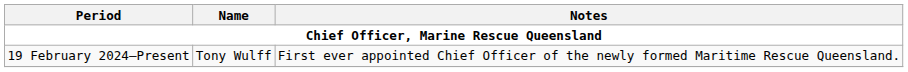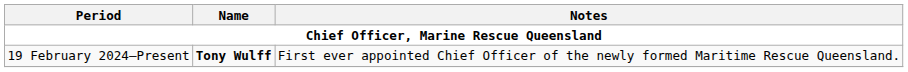 <table class="wikitable">
 <tr>
 <th>Period</th>
 <th>Name</th>
 <th>Notes</th>
 </tr>
 <tr>
 <td colspan="7" align="center" style="background:white;"><strong>Chief Officer, Marine Rescue Queensland</strong></td>
 </tr>
 <tr>
 <td>19 February 2024–Present</td>
-<td>Tony Wulff</td>
+<td><strong>Tony Wulff</strong></td>
 <td>First ever appointed Chief Officer of the newly formed Maritime Rescue Queensland.</td>
 </tr>
 <tr>
 </tr>
 </table>
